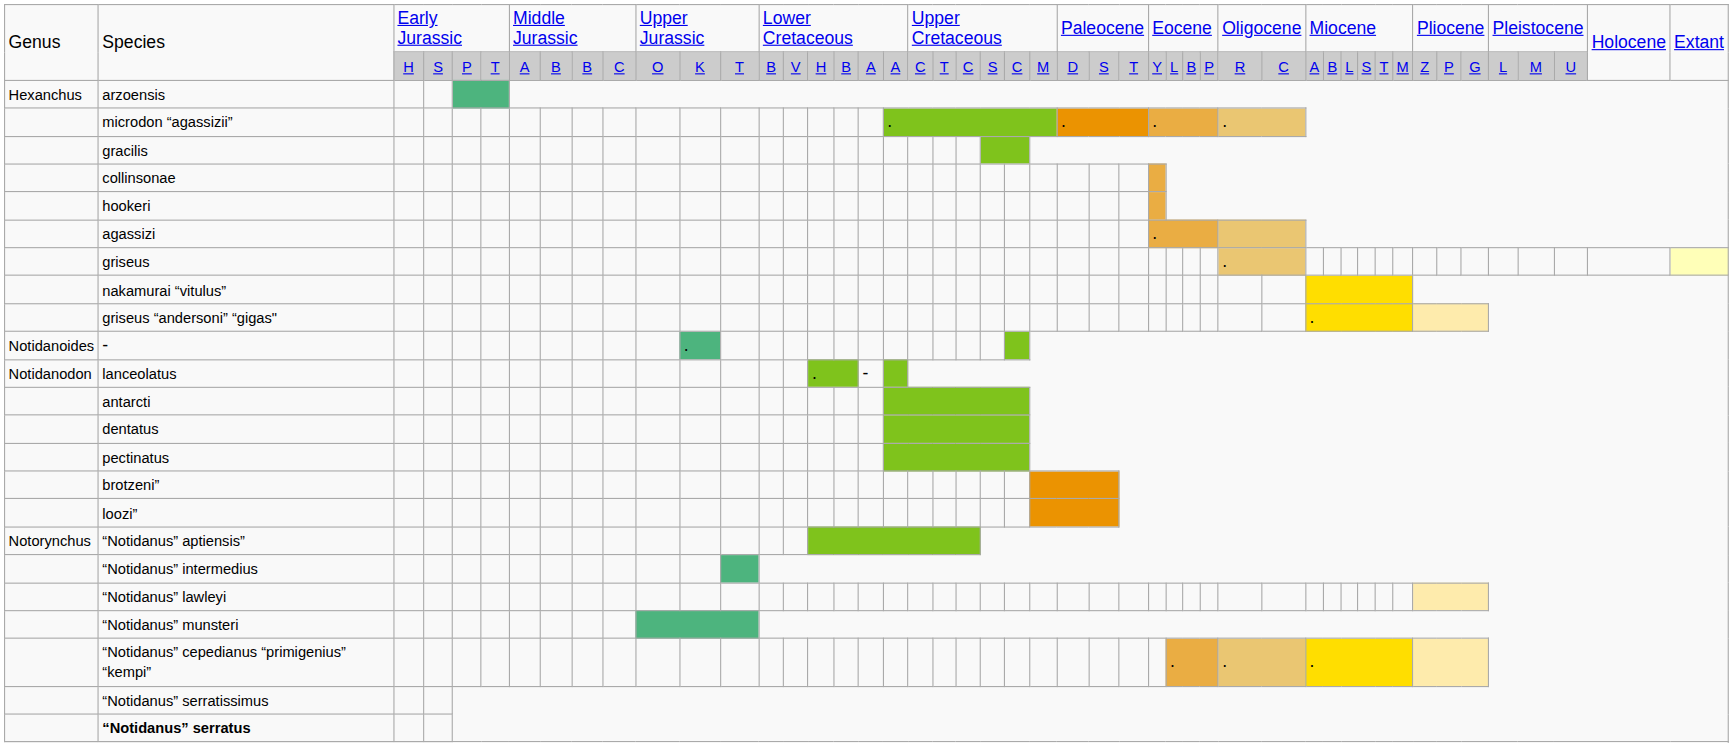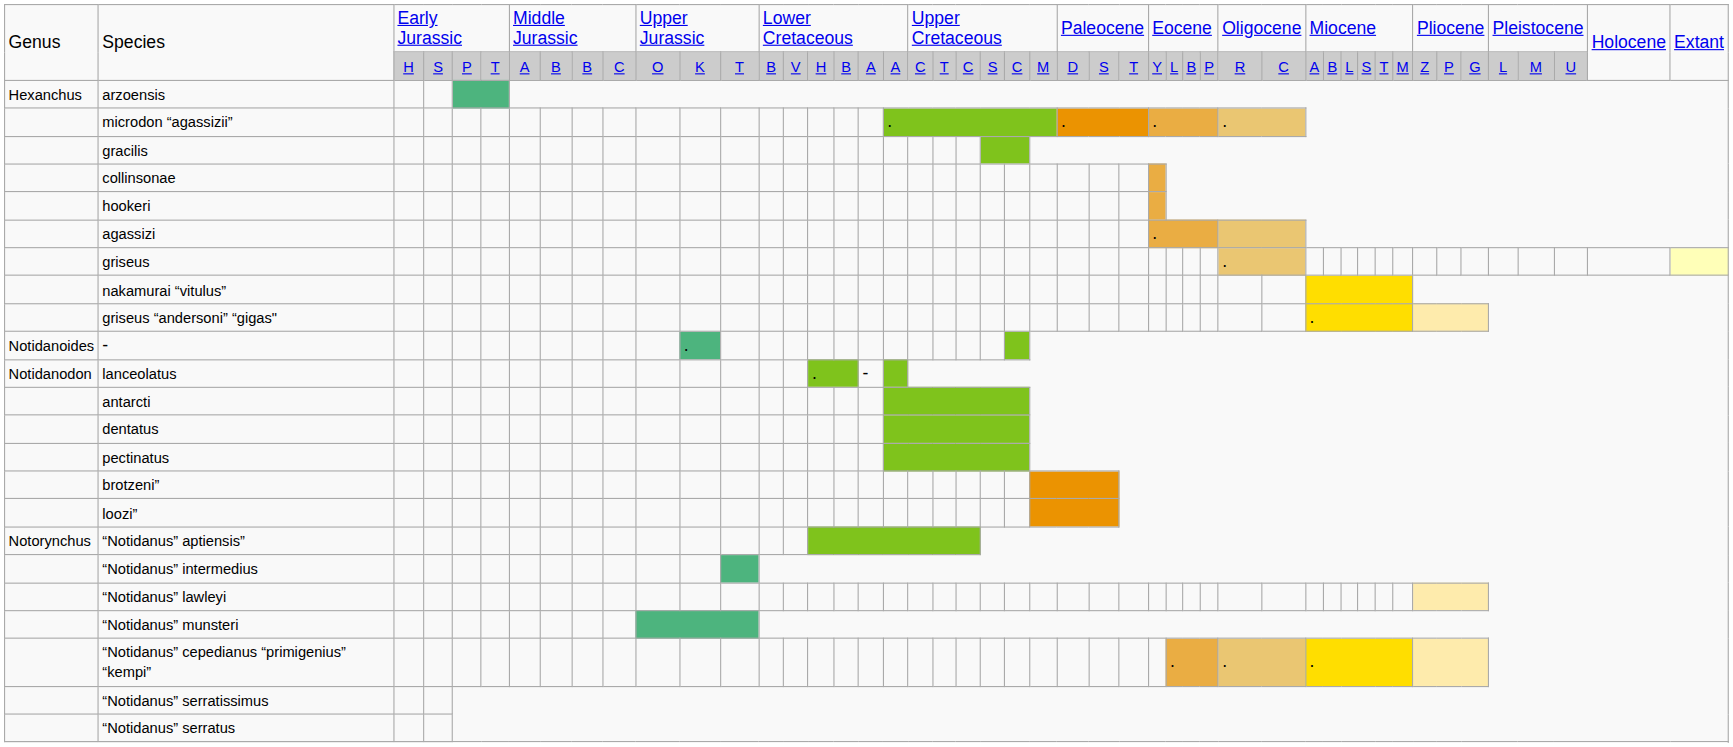 <table class="wikitable">
 <tr>
 <td rowspan="2">Genus</td>
 <td rowspan="2">Species</td>
 <td colspan ="4"><a href='#'>Early Jurassic</a></td>
 <td colspan ="4"><a href='#'>Middle Jurassic</a></td>
 <td colspan ="3"><a href='#'>Upper Jurassic</a></td>
 <td colspan ="6"><a href='#'>Lower Cretaceous</a></td>
 <td colspan ="6"><a href='#'>Upper Cretaceous</a></td>
 <td colspan ="3"><a href='#'>Paleocene</a></td>
 <td colspan ="4"><a href='#'>Eocene</a></td>
 <td colspan ="2"><a href='#'>Oligocene</a></td>
 <td colspan ="6"><a href='#'>Miocene</a></td>
 <td colspan ="3"><a href='#'>Pliocene</a></td>
 <td colspan="3"><a href='#'>Pleistocene</a></td>
 <td rowspan="2"><a href='#'>Holocene</a></td>
 <td rowspan="2"><a href='#'>Extant</a></td>
 </tr>
 <tr align="center" bgcolor="cccccc">
 <td><small><a href='#'>H</a></small></td>
 <td><small><a href='#'>S</a></small></td>
 <td><small><a href='#'>P</a></small></td>
 <td><small><a href='#'>T</a></small></td>
 <td><small><a href='#'>A</a></small></td>
 <td><small><a href='#'>B</a></small></td>
 <td><small><a href='#'>B</a></small></td>
 <td><small><a href='#'>C</a></small></td>
 <td><small><a href='#'>O</a></small></td>
 <td><small><a href='#'>K</a></small></td>
 <td><small><a href='#'>T</a></small></td>
 <td><small><a href='#'>B</a></small></td>
 <td><small><a href='#'>V</a></small></td>
 <td><small><a href='#'>H</a></small></td>
 <td><small><a href='#'>B</a></small></td>
 <td><small><a href='#'>A</a></small></td>
 <td><small><a href='#'>A</a></small></td>
 <td><small><a href='#'>C</a></small></td>
 <td><small><a href='#'>T</a></small></td>
 <td><small><a href='#'>C</a></small></td>
 <td><small><a href='#'>S</a></small></td>
 <td><small><a href='#'>C</a></small></td>
 <td><small><a href='#'>M</a></small></td>
 <td><small><a href='#'>D</a></small></td>
 <td><small><a href='#'>S</a></small></td>
 <td><small><a href='#'>T</a></small></td>
 <td><small><a href='#'>Y</a></small></td>
 <td><small><a href='#'>L</a></small></td>
 <td><small><a href='#'>B</a></small></td>
 <td><small><a href='#'>P</a></small></td>
 <td><small><a href='#'>R</a></small></td>
 <td><small><a href='#'>C</a></small></td>
 <td><small><a href='#'>A</a></small></td>
 <td><small><a href='#'>B</a></small></td>
 <td><small><a href='#'>L</a></small></td>
 <td><small><a href='#'>S</a></small></td>
 <td><small><a href='#'>T</a></small></td>
 <td><small><a href='#'>M</a></small></td>
 <td><small><a href='#'>Z</a></small></td>
 <td><small><a href='#'>P</a></small></td>
 <td><small><a href='#'>G</a></small></td>
 <td><small><a href='#'>L</a></small></td>
 <td><small><a href='#'>M</a></small></td>
 <td><small><a href='#'>U</a></small></td>
 </tr>
 <tr>
 <td><small>Hexanchus</small></td>
 <td><small>arzoensis</small></td>
 <td></td>
 <td></td>
 <td colspan ="2" style="background:#4DB47E"></td>
 </tr>
 <tr>
 <td></td>
 <td><small>microdon “agassizii”</small></td>
 <td></td>
 <td></td>
 <td></td>
 <td></td>
 <td></td>
 <td></td>
 <td></td>
 <td></td>
 <td></td>
 <td></td>
 <td></td>
 <td></td>
 <td></td>
 <td></td>
 <td></td>
 <td></td>
 <td colspan ="7" style="background:#7FC31C">.</td>
 <td colspan ="3" style="background:#EB9301">.</td>
 <td colspan ="4" style="background:#EAAD43">.</td>
 <td colspan ="2" style="background:#EAC672">.</td>
 </tr>
 <tr>
 <td></td>
 <td><small>gracilis</small></td>
 <td></td>
 <td></td>
 <td></td>
 <td></td>
 <td></td>
 <td></td>
 <td></td>
 <td></td>
 <td></td>
 <td></td>
 <td></td>
 <td></td>
 <td></td>
 <td></td>
 <td></td>
 <td></td>
 <td></td>
 <td></td>
 <td></td>
 <td></td>
 <td colspan ="2" style="background:#7FC31C"></td>
 </tr>
 <tr>
 <td></td>
 <td><small>collinsonae</small></td>
 <td></td>
 <td></td>
 <td></td>
 <td></td>
 <td></td>
 <td></td>
 <td></td>
 <td></td>
 <td></td>
 <td></td>
 <td></td>
 <td></td>
 <td></td>
 <td></td>
 <td></td>
 <td></td>
 <td></td>
 <td></td>
 <td></td>
 <td></td>
 <td></td>
 <td></td>
 <td></td>
 <td></td>
 <td></td>
 <td></td>
 <td colspan ="1" style="background:#EAAD43"></td>
 </tr>
 <tr>
 <td></td>
 <td><small>hookeri</small></td>
 <td></td>
 <td></td>
 <td></td>
 <td></td>
 <td></td>
 <td></td>
 <td></td>
 <td></td>
 <td></td>
 <td></td>
 <td></td>
 <td></td>
 <td></td>
 <td></td>
 <td></td>
 <td></td>
 <td></td>
 <td></td>
 <td></td>
 <td></td>
 <td></td>
 <td></td>
 <td></td>
 <td></td>
 <td></td>
 <td></td>
 <td colspan ="1" style="background:#EAAD43"></td>
 </tr>
 <tr>
 <td></td>
 <td><small>agassizi</small></td>
 <td></td>
 <td></td>
 <td></td>
 <td></td>
 <td></td>
 <td></td>
 <td></td>
 <td></td>
 <td></td>
 <td></td>
 <td></td>
 <td></td>
 <td></td>
 <td></td>
 <td></td>
 <td></td>
 <td></td>
 <td></td>
 <td></td>
 <td></td>
 <td></td>
 <td></td>
 <td></td>
 <td></td>
 <td></td>
 <td></td>
 <td colspan ="4" style="background:#EAAD43">.</td>
 <td colspan ="2" style="background:#EAC672"></td>
 </tr>
 <tr>
 <td></td>
 <td><small>griseus</small></td>
 <td></td>
 <td></td>
 <td></td>
 <td></td>
 <td></td>
 <td></td>
 <td></td>
 <td></td>
 <td></td>
 <td></td>
 <td></td>
 <td></td>
 <td></td>
 <td></td>
 <td></td>
 <td></td>
 <td></td>
 <td></td>
 <td></td>
 <td></td>
 <td></td>
 <td></td>
 <td></td>
 <td></td>
 <td></td>
 <td></td>
 <td></td>
 <td></td>
 <td></td>
 <td></td>
 <td colspan ="2" style="background:#EAC672">.</td>
 <td></td>
 <td></td>
 <td></td>
 <td></td>
 <td></td>
 <td></td>
 <td></td>
 <td></td>
 <td></td>
 <td></td>
 <td></td>
 <td></td>
 <td></td>
 <td colspan ="1" style="background:#FFFFB8"></td>
 </tr>
 <tr>
 <td></td>
 <td><small>nakamurai “vitulus”</small></td>
 <td></td>
 <td></td>
 <td></td>
 <td></td>
 <td></td>
 <td></td>
 <td></td>
 <td></td>
 <td></td>
 <td></td>
 <td></td>
 <td></td>
 <td></td>
 <td></td>
 <td></td>
 <td></td>
 <td></td>
 <td></td>
 <td></td>
 <td></td>
 <td></td>
 <td></td>
 <td></td>
 <td></td>
 <td></td>
 <td></td>
 <td></td>
 <td></td>
 <td></td>
 <td></td>
 <td></td>
 <td></td>
 <td colspan ="6" style="background:#FFDE00"></td>
 </tr>
 <tr>
 <td></td>
 <td><small> griseus “andersoni” “gigas"</small></td>
 <td></td>
 <td></td>
 <td></td>
 <td></td>
 <td></td>
 <td></td>
 <td></td>
 <td></td>
 <td></td>
 <td></td>
 <td></td>
 <td></td>
 <td></td>
 <td></td>
 <td></td>
 <td></td>
 <td></td>
 <td></td>
 <td></td>
 <td></td>
 <td></td>
 <td></td>
 <td></td>
 <td></td>
 <td></td>
 <td></td>
 <td></td>
 <td></td>
 <td></td>
 <td></td>
 <td></td>
 <td></td>
 <td colspan ="6" style="background:#FFDE00">.</td>
 <td colspan ="3" style="background:#FEEBAC"></td>
 </tr>
 <tr>
 <td><small>Notidanoides</small></td>
 <td>-</td>
 <td></td>
 <td></td>
 <td></td>
 <td></td>
 <td></td>
 <td></td>
 <td></td>
 <td></td>
 <td></td>
 <td colspan ="1" style="background:#4DB47E">.</td>
 <td></td>
 <td></td>
 <td></td>
 <td></td>
 <td></td>
 <td></td>
 <td></td>
 <td></td>
 <td></td>
 <td></td>
 <td></td>
 <td colspan ="1" style="background:#7FC31C"></td>
 </tr>
 <tr>
 <td><small>Notidanodon</small></td>
 <td><small>lanceolatus</small></td>
 <td></td>
 <td></td>
 <td></td>
 <td></td>
 <td></td>
 <td></td>
 <td></td>
 <td></td>
 <td></td>
 <td></td>
 <td></td>
 <td></td>
 <td></td>
 <td colspan ="2" style="background:#7FC31C">.</td>
 <td>-</td>
 <td colspan ="1" style="background:#7FC31C"></td>
 </tr>
 <tr>
 <td></td>
 <td><small>antarcti</small></td>
 <td></td>
 <td></td>
 <td></td>
 <td></td>
 <td></td>
 <td></td>
 <td></td>
 <td></td>
 <td></td>
 <td></td>
 <td></td>
 <td></td>
 <td></td>
 <td></td>
 <td></td>
 <td></td>
 <td colspan ="6" style="background:#7FC31C"></td>
 </tr>
 <tr>
 <td></td>
 <td><small>dentatus</small></td>
 <td></td>
 <td></td>
 <td></td>
 <td></td>
 <td></td>
 <td></td>
 <td></td>
 <td></td>
 <td></td>
 <td></td>
 <td></td>
 <td></td>
 <td></td>
 <td></td>
 <td></td>
 <td></td>
 <td colspan ="6" style="background:#7FC31C"></td>
 </tr>
 <tr>
 <td></td>
 <td><small>pectinatus</small></td>
 <td></td>
 <td></td>
 <td></td>
 <td></td>
 <td></td>
 <td></td>
 <td></td>
 <td></td>
 <td></td>
 <td></td>
 <td></td>
 <td></td>
 <td></td>
 <td></td>
 <td></td>
 <td></td>
 <td colspan ="6" style="background:#7FC31C"></td>
 </tr>
 <tr>
 <td></td>
 <td><small>brotzeni”</small></td>
 <td></td>
 <td></td>
 <td></td>
 <td></td>
 <td></td>
 <td></td>
 <td></td>
 <td></td>
 <td></td>
 <td></td>
 <td></td>
 <td></td>
 <td></td>
 <td></td>
 <td></td>
 <td></td>
 <td></td>
 <td></td>
 <td></td>
 <td></td>
 <td></td>
 <td></td>
 <td colspan ="3" style="background:#EB9301"></td>
 </tr>
 <tr>
 <td></td>
 <td><small>loozi”</small></td>
 <td></td>
 <td></td>
 <td></td>
 <td></td>
 <td></td>
 <td></td>
 <td></td>
 <td></td>
 <td></td>
 <td></td>
 <td></td>
 <td></td>
 <td></td>
 <td></td>
 <td></td>
 <td></td>
 <td></td>
 <td></td>
 <td></td>
 <td></td>
 <td></td>
 <td></td>
 <td colspan ="3" style="background:#EB9301"></td>
 </tr>
 <tr>
 <td><small>Notorynchus</small></td>
 <td><small>“Notidanus” aptiensis”</small></td>
 <td></td>
 <td></td>
 <td></td>
 <td></td>
 <td></td>
 <td></td>
 <td></td>
 <td></td>
 <td></td>
 <td></td>
 <td></td>
 <td></td>
 <td></td>
 <td colspan ="7" style="background:#7FC31C"></td>
 </tr>
 <tr>
 <td></td>
 <td><small>“Notidanus” intermedius</small></td>
 <td></td>
 <td></td>
 <td></td>
 <td></td>
 <td></td>
 <td></td>
 <td></td>
 <td></td>
 <td></td>
 <td></td>
 <td colspan ="1" style="background:#4DB47E"></td>
 </tr>
 <tr>
 <td></td>
 <td><small>“Notidanus” lawleyi</small></td>
 <td></td>
 <td></td>
 <td></td>
 <td></td>
 <td></td>
 <td></td>
 <td></td>
 <td></td>
 <td></td>
 <td></td>
 <td></td>
 <td></td>
 <td></td>
 <td></td>
 <td></td>
 <td></td>
 <td></td>
 <td></td>
 <td></td>
 <td></td>
 <td></td>
 <td></td>
 <td></td>
 <td></td>
 <td></td>
 <td></td>
 <td></td>
 <td></td>
 <td></td>
 <td></td>
 <td></td>
 <td></td>
 <td></td>
 <td></td>
 <td></td>
 <td></td>
 <td></td>
 <td></td>
 <td colspan ="3" style="background:#FEEBAC"></td>
 </tr>
 <tr>
 <td></td>
 <td><small>“Notidanus” munsteri</small></td>
 <td></td>
 <td></td>
 <td></td>
 <td></td>
 <td></td>
 <td></td>
 <td></td>
 <td></td>
 <td colspan ="3" style="background:#4DB47E"></td>
 </tr>
 <tr>
 <td></td>
 <td><small>“Notidanus” cepedianus “primigenius” “kempi”</small></td>
 <td></td>
 <td></td>
 <td></td>
 <td></td>
 <td></td>
 <td></td>
 <td></td>
 <td></td>
 <td></td>
 <td></td>
 <td></td>
 <td></td>
 <td></td>
 <td></td>
 <td></td>
 <td></td>
 <td></td>
 <td></td>
 <td></td>
 <td></td>
 <td></td>
 <td></td>
 <td></td>
 <td></td>
 <td></td>
 <td></td>
 <td></td>
 <td colspan ="3" style="background:#EAAD43">.</td>
 <td colspan ="2" style="background:#EAC672">.</td>
 <td colspan ="6" style="background:#FFDE00">.</td>
 <td colspan ="3" style="background:#FEEBAC"></td>
 </tr>
 <tr>
 <td></td>
 <td><small>“Notidanus” serratissimus</small></td>
 <td></td>
 <td></td>
 </tr>
 <tr>
 <td></td>
-<td><strong><small>“Notidanus” serratus</small></strong></td>
+<td><small>“Notidanus” serratus</small></td>
 <td></td>
 <td></td>
 </tr>
 <tr>
 </tr>
 </table>
